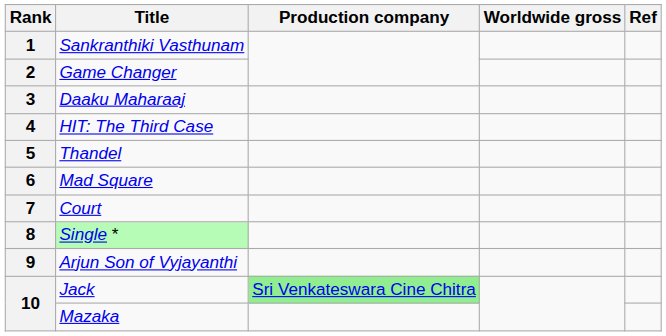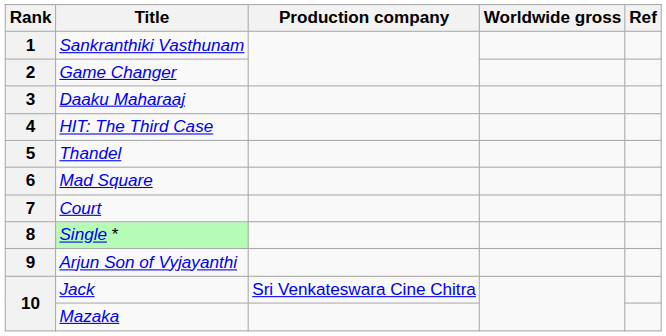 <table class="wikitable sortable" style="margin:auto; margin:auto;">
 <tr>
 <th>Rank</th>
 <th>Title</th>
 <th>Production company</th>
 <th>Worldwide gross</th>
 <th>Ref</th>
 </tr>
 <tr>
 <th>1</th>
 <td><em><a href='#'>Sankranthiki Vasthunam</a></em></td>
 <td rowspan="2"></td>
 <td align="right"></td>
 <td style="text-align:center;"></td>
 </tr>
 <tr>
 <th>2</th>
 <td><em><a href='#'>Game Changer</a></em></td>
 <td align="right"></td>
 <td style="text-align:center;"></td>
 </tr>
 <tr>
 <th>3</th>
 <td><em><a href='#'>Daaku Maharaaj</a></em></td>
 <td></td>
 <td align="right"></td>
 <td style="text-align:center;"></td>
 </tr>
 <tr>
 <th>4</th>
 <td><em><a href='#'>HIT: The Third Case</a></em></td>
 <td></td>
 <td align="right"></td>
 <td style="text-align:center;"></td>
 </tr>
 <tr>
 <th>5</th>
 <td><em><a href='#'>Thandel</a></em></td>
 <td></td>
 <td align="right"></td>
 <td style="text-align:center;"></td>
 </tr>
 <tr>
 <th>6</th>
 <td><em><a href='#'>Mad Square</a></em></td>
 <td></td>
 <td align="right"></td>
 <td style="text-align:center;"></td>
 </tr>
 <tr>
 <th>7</th>
 <td><em><a href='#'>Court</a></em></td>
 <td></td>
 <td align="right"></td>
 <td style="text-align:center;"></td>
 </tr>
 <tr>
 <th>8</th>
 <td style="background:#b6fcb6;"><em><a href='#'>Single</a></em> *</td>
 <td></td>
 <td align="right"></td>
 <td style="text-align: center;"></td>
 </tr>
 <tr>
 <th rowspan="1">9</th>
 <td><em><a href='#'>Arjun Son of Vyjayanthi</a></em></td>
 <td></td>
 <td rowspan="1" align="right"></td>
 <td style="text-align:center;"></td>
 </tr>
 <tr>
 <th rowspan="2">10</th>
 <td><em><a href='#'>Jack</a></em></td>
-<td style="background: lightgreen;"><a href='#'>Sri Venkateswara Cine Chitra</a></td>
+<td><a href='#'>Sri Venkateswara Cine Chitra</a></td>
 <td rowspan="2" align="right"></td>
 <td style="text-align:center;"></td>
 </tr>
 <tr>
 <td><em><a href='#'>Mazaka</a></em></td>
 <td></td>
 <td style="text-align:center;"></td>
 </tr>
 </table>
